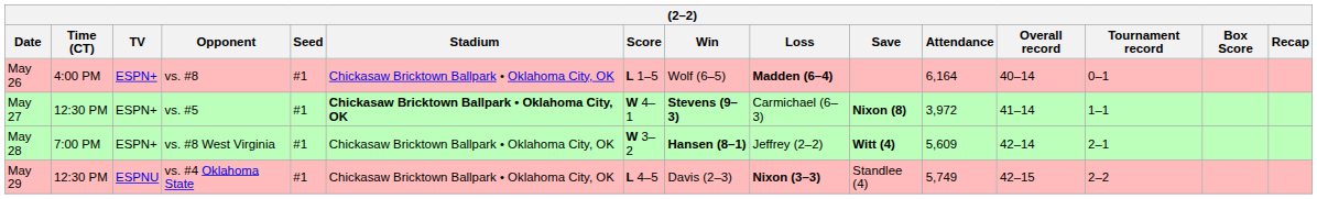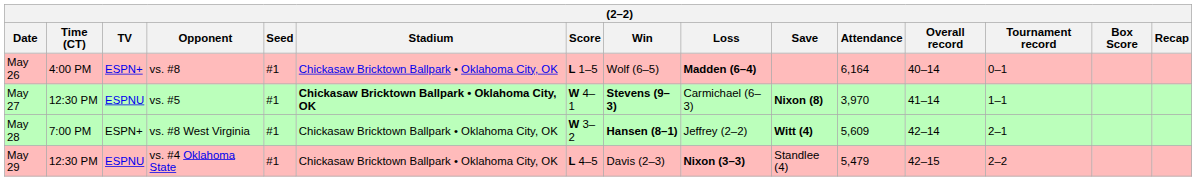 <table class="wikitable collapsible collapsed" style="margin:auto; font-size:95%; width:100%">
 <tr>
 <th colspan=15 style="padding-left:4em;"> (2–2)</th>
 </tr>
 <tr>
 <th>Date</th>
 <th>Time (CT)</th>
 <th>TV</th>
 <th>Opponent</th>
 <th>Seed</th>
 <th>Stadium</th>
 <th>Score</th>
 <th>Win</th>
 <th>Loss</th>
 <th>Save</th>
 <th>Attendance</th>
 <th>Overall record</th>
 <th>Tournament record</th>
 <th>Box Score</th>
 <th>Recap</th>
 </tr>
 <tr bgcolor= ffbbbb>
 <td>May 26</td>
 <td>4:00 PM</td>
 <td><a href='#'>ESPN+</a></td>
 <td>vs. #8 </td>
 <td>#1</td>
 <td><a href='#'>Chickasaw Bricktown Ballpark</a> • <a href='#'>Oklahoma City, OK</a></td>
 <td><strong>L</strong> 1–5</td>
 <td>Wolf (6–5)</td>
 <td><strong>Madden (6–4)</strong></td>
 <td></td>
 <td>6,164</td>
 <td>40–14</td>
 <td>0–1</td>
 <td></td>
 <td></td>
 </tr>
 <tr bgcolor= bbffbb>
 <td>May 27</td>
 <td>12:30 PM</td>
-<td>ESPN+</td>
+<td><a href='#'>ESPNU</a></td>
 <td>vs. #5 </td>
 <td>#1</td>
 <td><strong>Chickasaw Bricktown Ballpark • Oklahoma City, OK</strong></td>
 <td><strong>W</strong> 4–1</td>
 <td><strong>Stevens (9–3)</strong></td>
 <td>Carmichael (6–3)</td>
 <td><strong>Nixon (8)</strong></td>
-<td>3,972</td>
+<td>3,970</td>
 <td>41–14</td>
 <td>1–1</td>
 <td></td>
 <td></td>
 </tr>
 <tr bgcolor=Bbffbb>
 <td>May 28</td>
 <td>7:00 PM</td>
 <td>ESPN+</td>
 <td>vs. #8 West Virginia</td>
 <td>#1</td>
 <td>Chickasaw Bricktown Ballpark • Oklahoma City, OK</td>
 <td><strong>W</strong> 3–2</td>
 <td><strong>Hansen (8–1)</strong></td>
 <td>Jeffrey (2–2)</td>
 <td><strong>Witt (4)</strong></td>
 <td>5,609</td>
 <td>42–14</td>
 <td>2–1</td>
 <td></td>
 <td></td>
 </tr>
 <tr bgcolor=ffbbbb>
 <td>May 29</td>
 <td>12:30 PM</td>
 <td><a href='#'>ESPNU</a></td>
 <td>vs. #4 <a href='#'>Oklahoma State</a></td>
 <td>#1</td>
 <td>Chickasaw Bricktown Ballpark • Oklahoma City, OK</td>
 <td><strong>L</strong> 4–5</td>
 <td>Davis (2–3)</td>
 <td><strong>Nixon (3–3)</strong></td>
 <td>Standlee (4)</td>
-<td>5,749</td>
+<td>5,479</td>
 <td>42–15</td>
 <td>2–2</td>
 <td></td>
 <td></td>
 </tr>
 </table>
